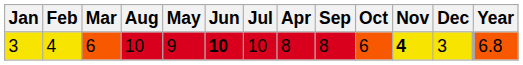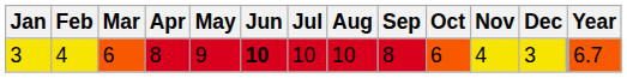 <table class="wikitable" style="margin:1em auto;">
 <tr>
 <th>Jan</th>
 <th>Feb</th>
 <th>Mar</th>
-<th>Aug</th>
+<th>Apr</th>
 <th>May</th>
 <th>Jun</th>
 <th>Jul</th>
-<th>Apr</th>
+<th>Aug</th>
 <th>Sep</th>
 <th>Oct</th>
 <th>Nov</th>
 <th>Dec</th>
 <th>Year</th>
 </tr>
 <tr>
 <td style="background:#f7e400;color:#000000;">3</td>
 <td style="background:#f7e400;color:#000000;">4</td>
 <td style="background:#f85900;color:#000000;">6</td>
-<td style="background:#d8001d;color:#000000;">10</td>
+<td style="background:#d8001d;color:#000000;">8</td>
 <td style="background:#d8001d;color:#000000;">9</td>
 <td style="background:#d8001d;color:#000000;"><strong>10</strong></td>
 <td style="background:#d8001d;color:#000000;">10</td>
-<td style="background:#d8001d;color:#000000;">8</td>
+<td style="background:#d8001d;color:#000000;">10</td>
 <td style="background:#d8001d;color:#000000;">8</td>
 <td style="background:#f85900;color:#000000;">6</td>
-<td style="background:#f7e400;color:#000000;"><strong>4</strong></td>
+<td style="background:#f7e400;color:#000000;">4</td>
 <td style="background:#f7e400;color:#000000;">3</td>
-<td style="background:#f85900;color:#000000;border-left-width:medium">6.8</td>
+<td style="background:#f85900;color:#000000;border-left-width:medium">6.7</td>
 </tr>
 </table>
